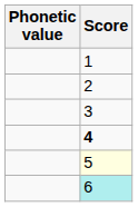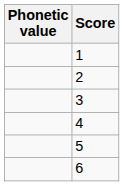 <table class="wikitable" align="center">
 <tr>
 <th>Phonetic <br>value</th>
 <th>Score</th>
 </tr>
 <tr>
 <td></td>
 <td>1</td>
 </tr>
 <tr>
 <td></td>
 <td>2</td>
 </tr>
 <tr>
 <td></td>
 <td>3</td>
 </tr>
 <tr>
 <td></td>
-<td><strong>4</strong></td>
+<td>4</td>
 </tr>
 <tr>
 <td></td>
-<td style="background: lightyellow;">5</td>
+<td>5</td>
 </tr>
 <tr>
 <td></td>
-<td style="background: paleturquoise;">6</td>
+<td>6</td>
 </tr>
 </table>
